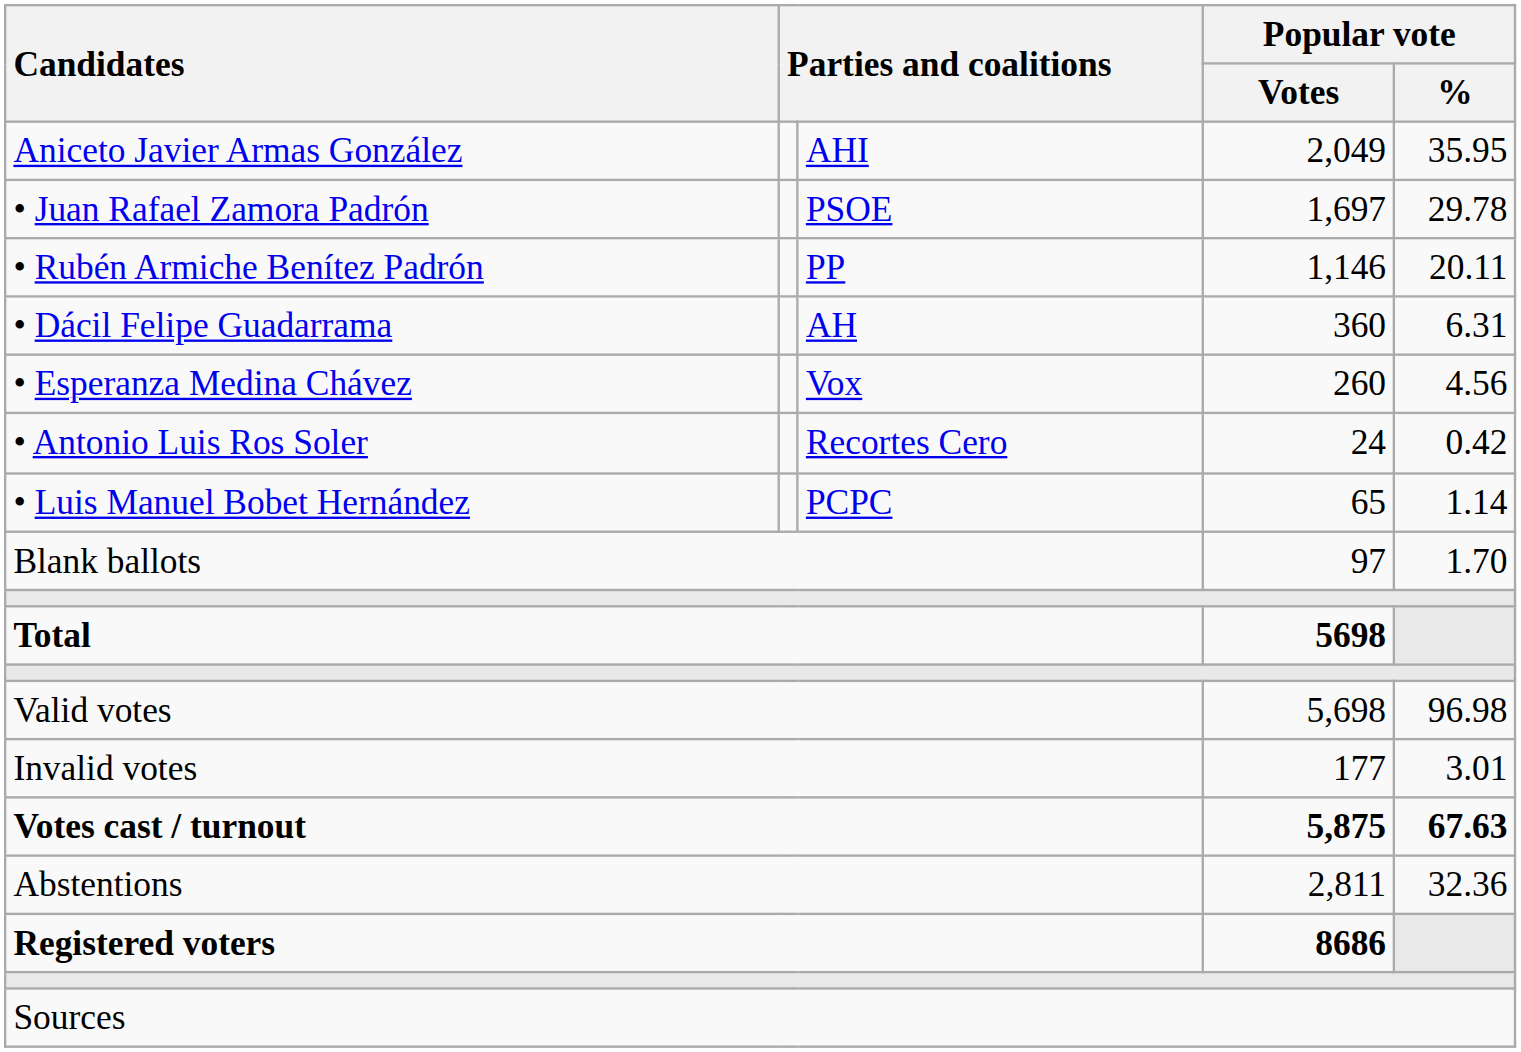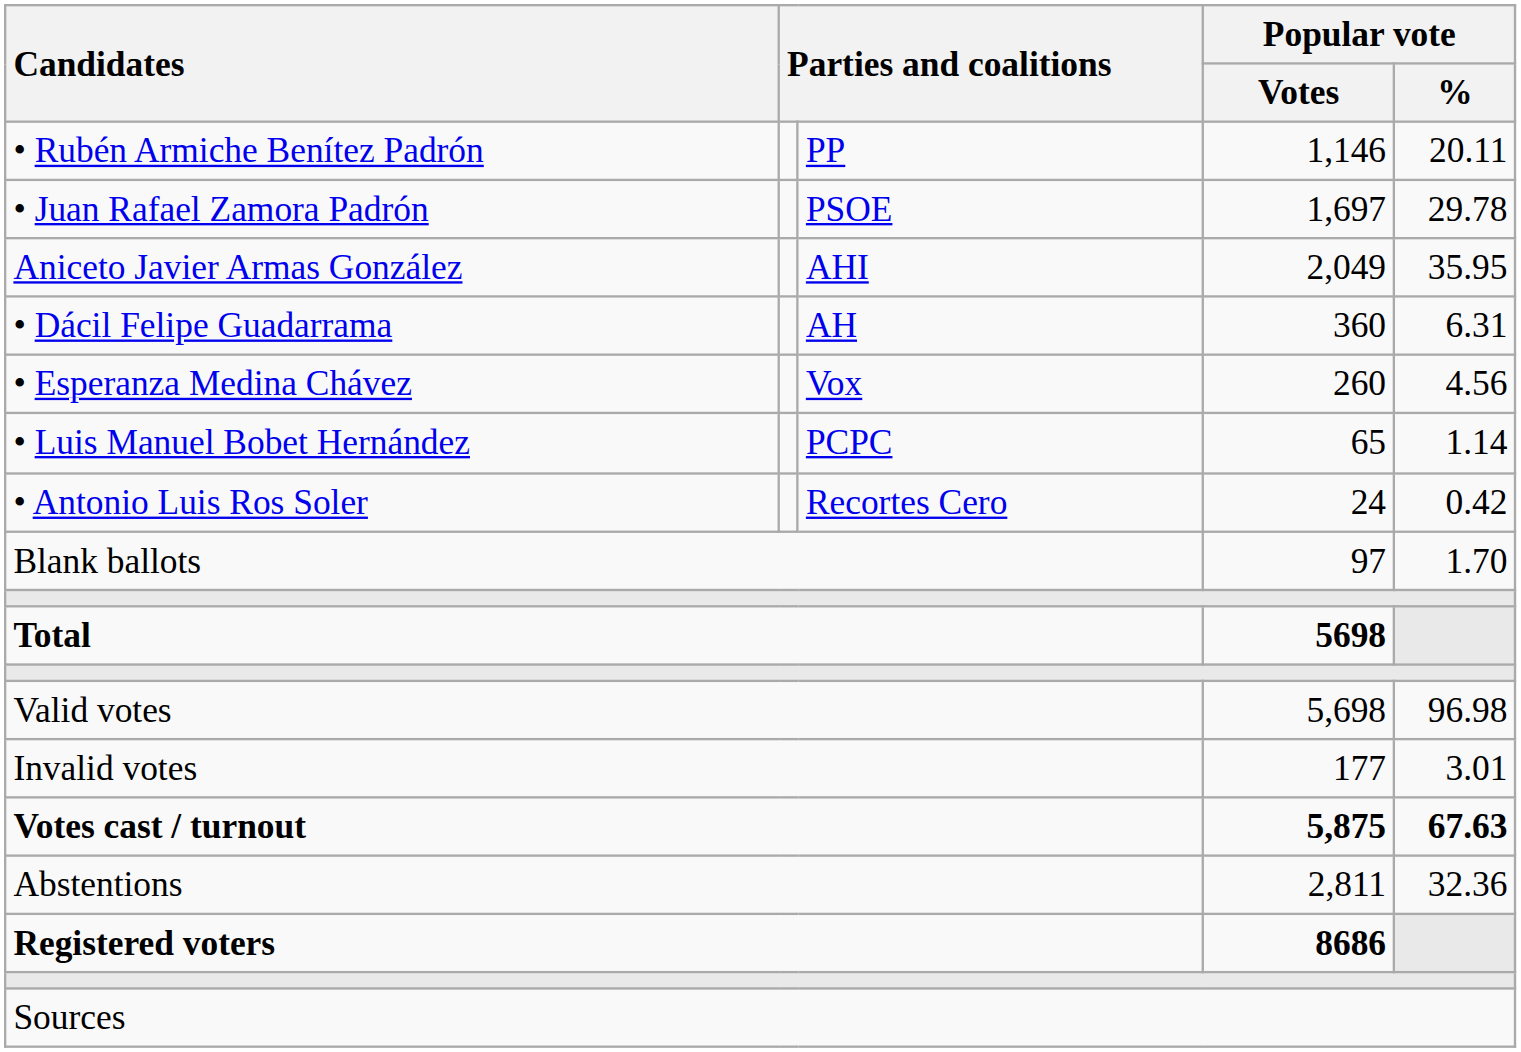 <table class="wikitable" style="text-align:right; font-size:95%;">
 <tr>
 <th style="text-align:left;" rowspan="2" width="325">Candidates</th>
 <th style="text-align:left;" rowspan="2" colspan="2" width="175">Parties and coalitions</th>
 <th colspan="2">Popular vote</th>
 </tr>
 <tr>
 <th width="75">Votes</th>
 <th width="45">%</th>
 </tr>
 <tr>
-<td align="left"> <a href='#'>Aniceto Javier Armas González</a></td>
+<td align="left">• <a href='#'>Rubén Armiche Benítez Padrón</a></td>
 <td width="1" style="color:inherit;background:"></td>
-<td align="left"><a href='#'>AHI</a></td>
-<td>2,049</td>
-<td>35.95</td>
+<td align="left"><a href='#'>PP</a></td>
+<td>1,146</td>
+<td>20.11</td>
 </tr>
 <tr>
 <td align="left">• <a href='#'>Juan Rafael Zamora Padrón</a></td>
 <td width="1" style="color:inherit;background:"></td>
 <td align="left"><a href='#'>PSOE</a></td>
 <td>1,697</td>
 <td>29.78</td>
 </tr>
 <tr>
-<td align="left">• <a href='#'>Rubén Armiche Benítez Padrón</a></td>
+<td align="left"> <a href='#'>Aniceto Javier Armas González</a></td>
 <td width="1" style="color:inherit;background:"></td>
-<td align="left"><a href='#'>PP</a></td>
-<td>1,146</td>
-<td>20.11</td>
+<td align="left"><a href='#'>AHI</a></td>
+<td>2,049</td>
+<td>35.95</td>
 </tr>
 <tr>
 <td align="left">• <a href='#'>Dácil Felipe Guadarrama</a></td>
 <td width="1" style="color:inherit;background:"></td>
 <td align="left"><a href='#'>AH</a></td>
 <td>360</td>
 <td>6.31</td>
 </tr>
 <tr>
 <td align="left">• <a href='#'>Esperanza Medina Chávez</a></td>
 <td width="1" style="color:inherit;background:"></td>
 <td align="left"><a href='#'>Vox</a></td>
 <td>260</td>
 <td>4.56</td>
 </tr>
 <tr>
+<td align="left">• <a href='#'>Luis Manuel Bobet Hernández</a></td>
+<td width="1" style="color:inherit;background:"></td>
+<td align="left"><a href='#'>PCPC</a></td>
+<td>65</td>
+<td>1.14</td>
+</tr>
+<tr>
 <td align="left">• <a href='#'>Antonio Luis Ros Soler</a></td>
 <td width="1" style="color:inherit;background:"></td>
 <td align="left"><a href='#'>Recortes Cero</a></td>
 <td>24</td>
 <td>0.42</td>
-</tr>
-<tr>
-<td align="left">• <a href='#'>Luis Manuel Bobet Hernández</a></td>
-<td width="1" style="color:inherit;background:"></td>
-<td align="left"><a href='#'>PCPC</a></td>
-<td>65</td>
-<td>1.14</td>
 </tr>
 <tr>
 <td align="left" colspan="3">Blank ballots</td>
 <td>97</td>
 <td>1.70</td>
 </tr>
 <tr>
 <td colspan="5" bgcolor="#E9E9E9"></td>
 </tr>
 <tr style="font-weight:bold;">
 <td align="left" colspan="3">Total</td>
 <td>5698</td>
 <td bgcolor="#E9E9E9"></td>
 </tr>
 <tr>
 <td colspan="5" bgcolor="#E9E9E9"></td>
 </tr>
 <tr>
 <td align="left" colspan="3">Valid votes</td>
 <td>5,698</td>
 <td>96.98</td>
 </tr>
 <tr>
 <td align="left" colspan="3">Invalid votes</td>
 <td>177</td>
 <td>3.01</td>
 </tr>
 <tr style="font-weight:bold;">
 <td align="left" colspan="3">Votes cast / turnout</td>
 <td>5,875</td>
 <td>67.63</td>
 </tr>
 <tr>
 <td align="left" colspan="3">Abstentions</td>
 <td>2,811</td>
 <td>32.36</td>
 </tr>
 <tr style="font-weight:bold;">
 <td align="left" colspan="3">Registered voters</td>
 <td>8686</td>
 <td bgcolor="#E9E9E9"></td>
 </tr>
 <tr>
 <td colspan="5" bgcolor="#E9E9E9"></td>
 </tr>
 <tr>
 <td align="left" colspan="5">Sources</td>
 </tr>
 </table>
